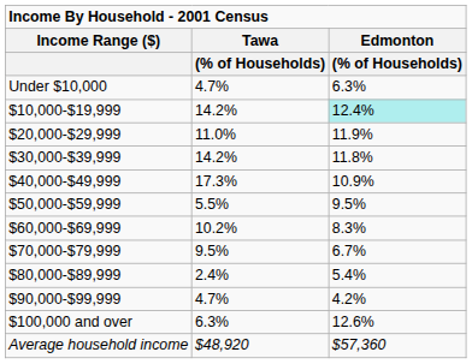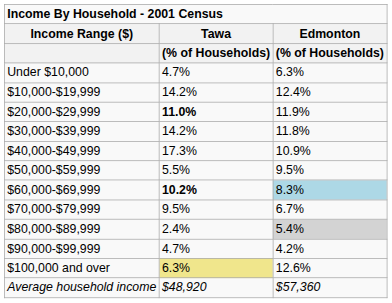 <table class="wikitable">
 <tr>
 <td colspan=3><strong>Income By Household - 2001 Census</strong></td>
 </tr>
 <tr>
 <th>Income Range ($)</th>
 <th>Tawa</th>
 <th>Edmonton</th>
 </tr>
 <tr>
 <th></th>
 <th>(% of Households)</th>
 <th>(% of Households)</th>
 </tr>
 <tr>
 <td>Under $10,000</td>
 <td>4.7%</td>
 <td>6.3%</td>
 </tr>
 <tr>
 <td>$10,000-$19,999</td>
 <td>14.2%</td>
-<td style="background: paleturquoise;">12.4%</td>
+<td>12.4%</td>
 </tr>
 <tr>
 <td>$20,000-$29,999</td>
-<td>11.0%</td>
+<td><strong>11.0%</strong></td>
 <td>11.9%</td>
 </tr>
 <tr>
 <td>$30,000-$39,999</td>
 <td>14.2%</td>
 <td>11.8%</td>
 </tr>
 <tr>
 <td>$40,000-$49,999</td>
 <td>17.3%</td>
 <td>10.9%</td>
 </tr>
 <tr>
 <td>$50,000-$59,999</td>
 <td>5.5%</td>
 <td>9.5%</td>
 </tr>
 <tr>
 <td>$60,000-$69,999</td>
-<td>10.2%</td>
-<td>8.3%</td>
+<td><strong>10.2%</strong></td>
+<td style="background: lightblue;">8.3%</td>
 </tr>
 <tr>
 <td>$70,000-$79,999</td>
 <td>9.5%</td>
 <td>6.7%</td>
 </tr>
 <tr>
 <td>$80,000-$89,999</td>
 <td>2.4%</td>
-<td>5.4%</td>
+<td style="background: lightgrey;">5.4%</td>
 </tr>
 <tr>
 <td>$90,000-$99,999</td>
 <td>4.7%</td>
 <td>4.2%</td>
 </tr>
 <tr>
 <td>$100,000 and over</td>
-<td>6.3%</td>
+<td style="background: khaki;">6.3%</td>
 <td>12.6%</td>
 </tr>
 <tr>
 <td><em>Average household income</em></td>
 <td><em>$48,920</em></td>
 <td><em>$57,360</em></td>
 </tr>
 </table>
